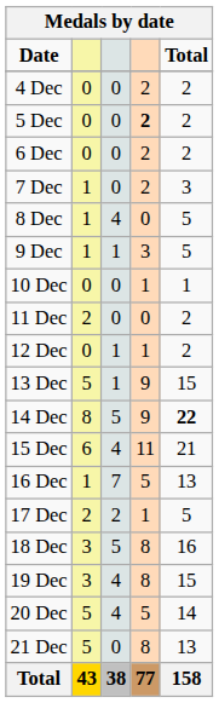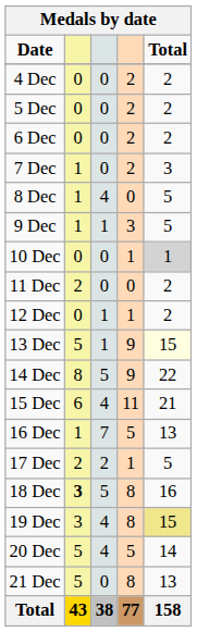 <table class="wikitable" style="font-size:85%; float:right">
 <tr align=center>
 <th colspan=5>Medals by date</th>
 </tr>
 <tr align=center>
 <td><strong>Date</strong></td>
 <td bgcolor=#f7f6a8></td>
 <td bgcolor=#dce5e5></td>
 <td bgcolor=#ffdab9></td>
 <td><strong>Total</strong></td>
 </tr>
 <tr>
 </tr>
 <tr align=center>
 <td>4 Dec</td>
 <td style="background:#f7f6a8;">0</td>
 <td style="background:#dce5e5;">0</td>
 <td style="background:#ffdab9;">2</td>
 <td>2</td>
 </tr>
 <tr align=center>
 <td>5 Dec</td>
 <td style="background:#f7f6a8;">0</td>
 <td style="background:#dce5e5;">0</td>
-<td style="background:#ffdab9;"><strong>2</strong></td>
+<td style="background:#ffdab9;">2</td>
 <td>2</td>
 </tr>
 <tr align=center>
 <td>6 Dec</td>
 <td style="background:#f7f6a8;">0</td>
 <td style="background:#dce5e5;">0</td>
 <td style="background:#ffdab9;">2</td>
 <td>2</td>
 </tr>
 <tr align=center>
 <td>7 Dec</td>
 <td style="background:#f7f6a8;">1</td>
 <td style="background:#dce5e5;">0</td>
 <td style="background:#ffdab9;">2</td>
 <td>3</td>
 </tr>
 <tr align=center>
 <td>8 Dec</td>
 <td style="background:#f7f6a8;">1</td>
 <td style="background:#dce5e5;">4</td>
 <td style="background:#ffdab9;">0</td>
 <td>5</td>
 </tr>
 <tr align=center>
 <td>9 Dec</td>
 <td style="background:#f7f6a8;">1</td>
 <td style="background:#dce5e5;">1</td>
 <td style="background:#ffdab9;">3</td>
 <td>5</td>
 </tr>
 <tr align=center>
 <td>10 Dec</td>
 <td style="background:#f7f6a8;">0</td>
 <td style="background:#dce5e5;">0</td>
 <td style="background:#ffdab9;">1</td>
-<td>1</td>
+<td style="background: lightgrey;">1</td>
 </tr>
 <tr align=center>
 <td>11 Dec</td>
 <td style="background:#f7f6a8;">2</td>
 <td style="background:#dce5e5;">0</td>
 <td style="background:#ffdab9;">0</td>
 <td>2</td>
 </tr>
 <tr align=center>
 <td>12 Dec</td>
 <td style="background:#f7f6a8;">0</td>
 <td style="background:#dce5e5;">1</td>
 <td style="background:#ffdab9;">1</td>
 <td>2</td>
 </tr>
 <tr align=center>
 <td>13 Dec</td>
 <td style="background:#f7f6a8;">5</td>
 <td style="background:#dce5e5;">1</td>
 <td style="background:#ffdab9;">9</td>
-<td>15</td>
+<td style="background: lightyellow;">15</td>
 </tr>
 <tr align=center>
 <td>14 Dec</td>
 <td style="background:#f7f6a8;">8</td>
 <td style="background:#dce5e5;">5</td>
 <td style="background:#ffdab9;">9</td>
-<td><strong>22</strong></td>
+<td>22</td>
 </tr>
 <tr align=center>
 <td>15 Dec</td>
 <td style="background:#f7f6a8;">6</td>
 <td style="background:#dce5e5;">4</td>
 <td style="background:#ffdab9;">11</td>
 <td>21</td>
 </tr>
 <tr align=center>
 <td>16 Dec</td>
 <td style="background:#f7f6a8;">1</td>
 <td style="background:#dce5e5;">7</td>
 <td style="background:#ffdab9;">5</td>
 <td>13</td>
 </tr>
 <tr align=center>
 <td>17 Dec</td>
 <td style="background:#f7f6a8;">2</td>
 <td style="background:#dce5e5;">2</td>
 <td style="background:#ffdab9;">1</td>
 <td>5</td>
 </tr>
 <tr align=center>
 <td>18 Dec</td>
-<td style="background:#f7f6a8;">3</td>
+<td style="background:#f7f6a8;"><strong>3</strong></td>
 <td style="background:#dce5e5;">5</td>
 <td style="background:#ffdab9;">8</td>
 <td>16</td>
 </tr>
 <tr align=center>
 <td>19 Dec</td>
 <td style="background:#f7f6a8;">3</td>
 <td style="background:#dce5e5;">4</td>
 <td style="background:#ffdab9;">8</td>
-<td>15</td>
+<td style="background: khaki;">15</td>
 </tr>
 <tr align=center>
 <td>20 Dec</td>
 <td style="background:#f7f6a8;">5</td>
 <td style="background:#dce5e5;">4</td>
 <td style="background:#ffdab9;">5</td>
 <td>14</td>
 </tr>
 <tr align=center>
 <td>21 Dec</td>
 <td style="background:#f7f6a8;">5</td>
 <td style="background:#dce5e5;">0</td>
 <td style="background:#ffdab9;">8</td>
 <td>13</td>
 </tr>
 <tr align=center>
 <th>Total</th>
 <th style="background:gold;">43</th>
 <th style="background:silver;">38</th>
 <th style="background:#c96;">77</th>
 <th>158</th>
 </tr>
 </table>
